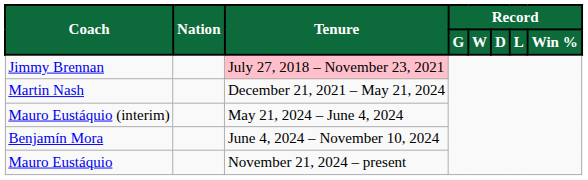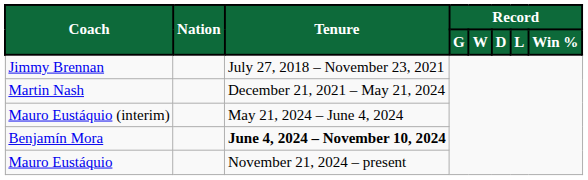 <table class="wikitable" style="text-align:left">
 <tr>
 <th style="background:#0d6a3a; color:#FFFFFF; border:2px solid #000000;" scope="col" rowspan="2">Coach</th>
 <th style="background:#0d6a3a; color:#FFFFFF; border:2px solid #000000;" scope="col" rowspan="2">Nation</th>
 <th style="background:#0d6a3a; color:#FFFFFF; border:2px solid #000000;" scope="col" rowspan="2">Tenure</th>
 <th style="background:#0d6a3a; color:#FFFFFF; border:2px solid #000000;" scope="col" colspan="6">Record</th>
 </tr>
 <tr>
 <th style="background:#0d6a3a; color:#FFFFFF; border:2px solid #000000;">G</th>
 <th style="background:#0d6a3a; color:#FFFFFF; border:2px solid #000000;">W</th>
 <th style="background:#0d6a3a; color:#FFFFFF; border:2px solid #000000;">D</th>
 <th style="background:#0d6a3a; color:#FFFFFF; border:2px solid #000000;">L</th>
 <th style="background:#0d6a3a; color:#FFFFFF; border:2px solid #000000;">Win %</th>
 </tr>
 <tr>
 <td><a href='#'>Jimmy Brennan</a></td>
 <td></td>
-<td style="background: pink;">July 27, 2018 – November 23, 2021<br></td>
+<td>July 27, 2018 – November 23, 2021<br></td>
 </tr>
 <tr>
 <td><a href='#'>Martin Nash</a></td>
 <td></td>
 <td>December 21, 2021 – May 21, 2024<br></td>
 </tr>
 <tr>
 <td><a href='#'>Mauro Eustáquio</a> (interim)</td>
 <td></td>
 <td>May 21, 2024 – June 4, 2024<br></td>
 </tr>
 <tr>
 <td><a href='#'>Benjamín Mora</a></td>
 <td></td>
-<td>June 4, 2024 – November 10, 2024<br></td>
+<td><strong>June 4, 2024 – November 10, 2024<br></strong></td>
 </tr>
 <tr>
 <td><a href='#'>Mauro Eustáquio</a></td>
 <td></td>
 <td>November 21, 2024 – present<br></td>
 </tr>
 </table>
